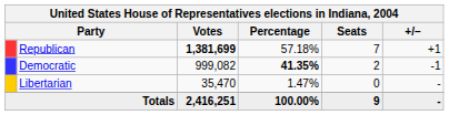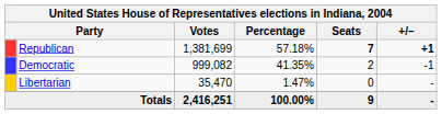 <table class="wikitable" style="font-size: 95%;">
 <tr>
 <th colspan="6">United States House of Representatives elections in Indiana, 2004</th>
 </tr>
 <tr>
 <th colspan="2" style="width: 15em">Party</th>
 <th style="width: 5em">Votes</th>
 <th style="width: 7em">Percentage</th>
 <th style="width: 5em">Seats</th>
 <th style="width: 5em">+/–</th>
 </tr>
 <tr>
 <th style="background-color:#FF3333; width: 3px"></th>
 <td style="width: 130px"><a href='#'>Republican</a></td>
-<td align="right"><strong>1,381,699</strong></td>
+<td align="right">1,381,699</td>
 <td align="right">57.18%</td>
-<td align="right">7</td>
-<td align="right">+1</td>
+<td align="right"><strong>7</strong></td>
+<td align="right"><strong>+1</strong></td>
 </tr>
 <tr>
 <th style="background-color:#3333FF; width: 3px"></th>
 <td style="width: 130px"><a href='#'>Democratic</a></td>
 <td align="right">999,082</td>
-<td align="right"><strong>41.35%</strong></td>
+<td align="right">41.35%</td>
 <td align="right">2</td>
 <td align="right">-1</td>
 </tr>
 <tr>
 <th style="background-color:#FFCC00; width: 3px"></th>
 <td style="width: 130px"><a href='#'>Libertarian</a></td>
 <td align="right">35,470</td>
 <td align="right">1.47%</td>
 <td align="right">0</td>
 <td align="right">-</td>
 </tr>
 <tr>
 </tr>
 <tr bgcolor="#EEEEEE">
 <td colspan="2" align="right"><strong>Totals</strong></td>
 <td align="right"><strong>2,416,251</strong></td>
 <td align="right"><strong>100.00%</strong></td>
 <td align="right"><strong>9</strong></td>
 <td align="right"><strong>-</strong></td>
 </tr>
 </table>
